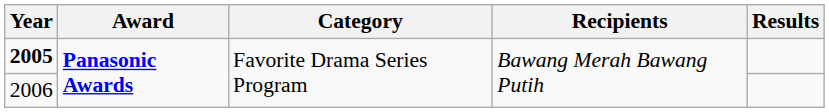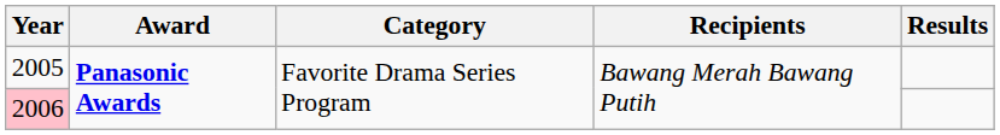 <table class="wikitable">
 <tr>
 <th>Year</th>
 <th>Award</th>
 <th>Category</th>
 <th>Recipients</th>
 <th>Results</th>
 </tr>
 <tr>
-<td><strong>2005</strong></td>
+<td>2005</td>
 <td rowspan= "2"><strong><a href='#'>Panasonic Awards</a></strong></td>
 <td rowspan= "2">Favorite Drama Series Program</td>
 <td rowspan= "2"><em>Bawang Merah Bawang Putih</em></td>
 <td></td>
 </tr>
 <tr>
-<td>2006</td>
+<td style="background: pink;">2006</td>
 <td></td>
 </tr>
 </table>
